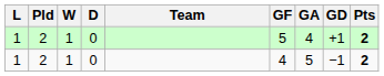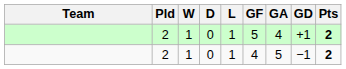 <table class="wikitable" style="text-align:center;">
 <tr>
-<th width=20>L</th>
+<th width=180>Team</th>
 <th width=20>Pld</th>
 <th width=20>W</th>
 <th width=20>D</th>
-<th width=180>Team</th>
+<th width=20>L</th>
 <th width=20>GF</th>
 <th width=20>GA</th>
 <th width=20>GD</th>
 <th width=20>Pts</th>
 </tr>
 <tr bgcolor="ccffcc">
-<td>1</td>
+<td align="left"></td>
 <td>2</td>
 <td>1</td>
 <td>0</td>
-<td align="left"></td>
+<td>1</td>
 <td>5</td>
 <td>4</td>
 <td>+1</td>
 <td><strong>2</strong></td>
 </tr>
 <tr>
-<td>1</td>
+<td align="left"></td>
 <td>2</td>
 <td>1</td>
 <td>0</td>
-<td align="left"></td>
+<td>1</td>
 <td>4</td>
 <td>5</td>
 <td>−1</td>
 <td><strong>2</strong></td>
 </tr>
 </table>
